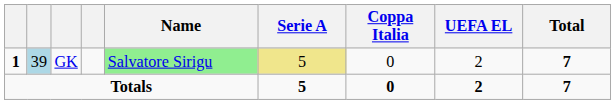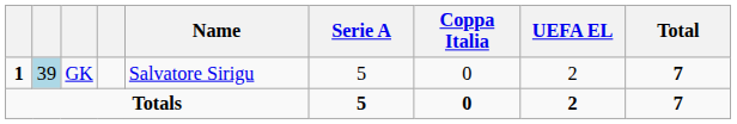 <table class="wikitable" style="text-align:center">
 <tr>
 <th width=15></th>
 <th width=15></th>
 <th width=15></th>
 <th width=15></th>
 <th width=145>Name</th>
 <th width=80><strong><a href='#'>Serie A</a></strong></th>
 <th width=80><strong><a href='#'>Coppa Italia</a></strong></th>
 <th width=80><strong><a href='#'>UEFA EL</a></strong></th>
 <th width=80>Total</th>
 </tr>
 <tr>
 <td><strong>1</strong></td>
 <td style="background: lightblue;">39</td>
 <td><a href='#'>GK</a></td>
 <td></td>
-<td align=left style="background: lightgreen;"><a href='#'>Salvatore Sirigu</a></td>
-<td style="background: khaki;">5</td>
+<td align=left><a href='#'>Salvatore Sirigu</a></td>
+<td>5</td>
 <td>0</td>
 <td>2</td>
 <td><strong>7</strong></td>
 </tr>
 <tr>
 <td colspan=5><strong>Totals</strong></td>
 <td><strong>5</strong></td>
 <td><strong>0</strong></td>
 <td><strong>2</strong></td>
 <td><strong>7</strong></td>
 </tr>
 </table>
